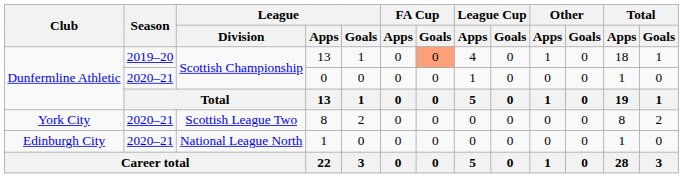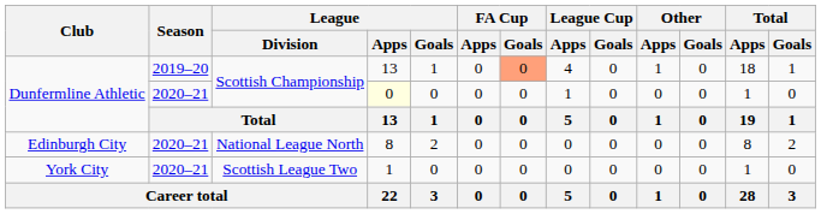 <table class="wikitable" style="text-align: center">
 <tr>
 <th rowspan="2">Club</th>
 <th rowspan="2">Season</th>
 <th colspan="3">League</th>
 <th colspan="2">FA Cup</th>
 <th colspan="2">League Cup</th>
 <th colspan="2">Other</th>
 <th colspan="2">Total</th>
 </tr>
 <tr>
 <th>Division</th>
 <th>Apps</th>
 <th>Goals</th>
 <th>Apps</th>
 <th>Goals</th>
 <th>Apps</th>
 <th>Goals</th>
 <th>Apps</th>
 <th>Goals</th>
 <th>Apps</th>
 <th>Goals</th>
 </tr>
 <tr>
 <td rowspan=3><a href='#'>Dunfermline Athletic</a></td>
 <td><a href='#'>2019–20</a></td>
 <td rowspan=2><a href='#'>Scottish Championship</a></td>
 <td>13</td>
 <td>1</td>
 <td>0</td>
 <td style="background: lightsalmon;">0</td>
 <td>4</td>
 <td>0</td>
 <td>1</td>
 <td>0</td>
 <td>18</td>
 <td>1</td>
 </tr>
 <tr>
 <td><a href='#'>2020–21</a></td>
-<td>0</td>
+<td style="background: lightyellow;">0</td>
 <td>0</td>
 <td>0</td>
 <td>0</td>
 <td>1</td>
 <td>0</td>
 <td>0</td>
 <td>0</td>
 <td>1</td>
 <td>0</td>
 </tr>
 <tr>
 <th colspan=2>Total</th>
 <th>13</th>
 <th>1</th>
 <th>0</th>
 <th>0</th>
 <th>5</th>
 <th>0</th>
 <th>1</th>
 <th>0</th>
 <th>19</th>
 <th>1</th>
 </tr>
 <tr>
-<td><a href='#'>York City</a></td>
+<td><a href='#'>Edinburgh City</a></td>
 <td><a href='#'>2020–21</a></td>
-<td><a href='#'>Scottish League Two</a></td>
+<td><a href='#'>National League North</a></td>
 <td>8</td>
 <td>2</td>
 <td>0</td>
 <td>0</td>
 <td>0</td>
 <td>0</td>
 <td>0</td>
 <td>0</td>
 <td>8</td>
 <td>2</td>
 </tr>
 <tr>
-<td><a href='#'>Edinburgh City</a></td>
+<td><a href='#'>York City</a></td>
 <td><a href='#'>2020–21</a></td>
-<td><a href='#'>National League North</a></td>
+<td><a href='#'>Scottish League Two</a></td>
 <td>1</td>
 <td>0</td>
 <td>0</td>
 <td>0</td>
 <td>0</td>
 <td>0</td>
 <td>0</td>
 <td>0</td>
 <td>1</td>
 <td>0</td>
 </tr>
 <tr>
 <th colspan=3>Career total</th>
 <th>22</th>
 <th>3</th>
 <th>0</th>
 <th>0</th>
 <th>5</th>
 <th>0</th>
 <th>1</th>
 <th>0</th>
 <th>28</th>
 <th>3</th>
 </tr>
 </table>
